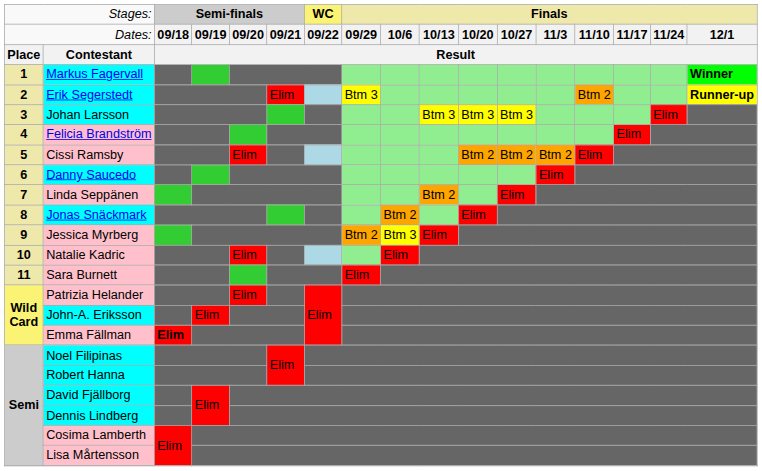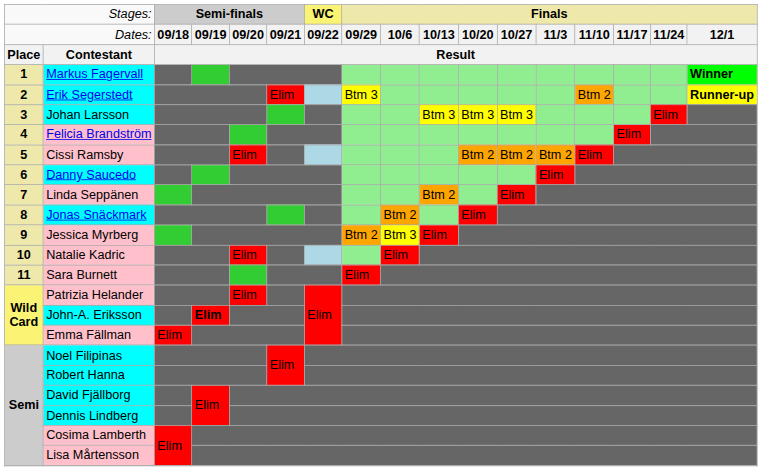 <table class="wikitable" align="center">
 <tr>
 <td colspan="2" align="right"><em>Stages:</em></td>
 <td colspan="4" bgcolor="CCCCCC" align="Center"><strong>Semi-finals</strong></td>
 <td colspan="1" bgcolor="#FBF373" align="center"><strong>WC</strong></td>
 <td colspan="10" bgcolor="palegoldenrod" align="Center"><strong>Finals</strong></td>
 </tr>
 <tr>
 <td colspan="2" align="right"><em>Dates:</em></td>
 <th>09/18</th>
 <th>09/19</th>
 <th>09/20</th>
 <th>09/21</th>
 <th>09/22</th>
 <th>09/29</th>
 <th>10/6</th>
 <th>10/13</th>
 <th>10/20</th>
 <th>10/27</th>
 <th>11/3</th>
 <th>11/10</th>
 <th>11/17</th>
 <th>11/24</th>
 <th>12/1</th>
 </tr>
 <tr>
 <th>Place</th>
 <th>Contestant</th>
 <th colspan="15" align="center">Result</th>
 </tr>
 <tr>
 <td align="center" bgcolor="palegoldenrod"><strong>1</strong></td>
 <td bgcolor="cyan"><a href='#'>Markus Fagervall</a></td>
 <td bgcolor="666666"></td>
 <td style="background: limegreen"></td>
 <td colspan="3" bgcolor="666666"></td>
 <td style="background: lightgreen"></td>
 <td style="background: lightgreen"></td>
 <td style="background: lightgreen"></td>
 <td style="background: lightgreen"></td>
 <td style="background: lightgreen"></td>
 <td style="background: lightgreen"></td>
 <td style="background: lightgreen"></td>
 <td style="background: lightgreen"></td>
 <td style="background: lightgreen"></td>
 <td style="background: Lime"><strong>Winner</strong></td>
 </tr>
 <tr>
 <td align="center" bgcolor="palegoldenrod"><strong>2</strong></td>
 <td bgcolor="cyan"><a href='#'>Erik Segerstedt</a></td>
 <td colspan="3" bgcolor="666666"></td>
 <td style="background: red"><span>Elim</span></td>
 <td style="background: lightblue"></td>
 <td style="background: yellow">Btm 3</td>
 <td style="background: lightgreen"></td>
 <td style="background: lightgreen"></td>
 <td style="background: lightgreen"></td>
 <td style="background: lightgreen"></td>
 <td style="background: lightgreen"></td>
 <td style="background: orange">Btm 2</td>
 <td style="background: lightgreen"></td>
 <td style="background: lightgreen"></td>
 <td style="background: yellow"><strong>Runner-up</strong></td>
 </tr>
 <tr>
 <td align="center" bgcolor="palegoldenrod"><strong>3</strong></td>
 <td bgcolor="Cyan">Johan Larsson</td>
 <td colspan="3" bgcolor="666666"></td>
 <td style="background: limegreen"></td>
 <td bgcolor="666666"></td>
 <td style="background: lightgreen"></td>
 <td style="background: lightgreen"></td>
 <td style="background: yellow">Btm 3</td>
 <td style="background: yellow">Btm 3</td>
 <td style="background: yellow">Btm 3</td>
 <td style="background: lightgreen"></td>
 <td style="background: lightgreen"></td>
 <td style="background: lightgreen"></td>
 <td style="background: red"><span>Elim</span></td>
 <td bgcolor="666666"></td>
 </tr>
 <tr>
 <td align="center" bgcolor="palegoldenrod"><strong>4</strong></td>
 <td bgcolor="pink"><a href='#'>Felicia Brandström</a></td>
 <td colspan="2" bgcolor="666666"></td>
 <td style="background: limegreen"></td>
 <td colspan="2" bgcolor="666666"></td>
 <td style="background: lightgreen"></td>
 <td style="background: lightgreen"></td>
 <td style="background: lightgreen"></td>
 <td style="background: lightgreen"></td>
 <td style="background: lightgreen"></td>
 <td style="background: lightgreen"></td>
 <td style="background: lightgreen"></td>
 <td style="background: red"><span>Elim</span></td>
 <td colspan="2" bgcolor="666666"></td>
 </tr>
 <tr>
 <td align="center" bgcolor="palegoldenrod"><strong>5</strong></td>
 <td bgcolor="pink">Cissi Ramsby</td>
 <td colspan="2" bgcolor="666666"></td>
 <td style="background: red"><span>Elim</span></td>
 <td bgcolor="666666"></td>
 <td style="background: lightblue"></td>
 <td style="background: lightgreen"></td>
 <td style="background: lightgreen"></td>
 <td style="background: lightgreen"></td>
 <td style="background: orange">Btm 2</td>
 <td style="background: orange">Btm 2</td>
 <td style="background: orange">Btm 2</td>
 <td style="background: red"><span>Elim</span></td>
 <td colspan="8" bgcolor="666666"></td>
 </tr>
 <tr>
 <td align="center" bgcolor="palegoldenrod"><strong>6</strong></td>
 <td bgcolor="cyan"><a href='#'>Danny Saucedo</a></td>
 <td bgcolor="666666"></td>
 <td style="background: limegreen"></td>
 <td colspan="3" bgcolor="666666"></td>
 <td style="background: lightgreen"></td>
 <td style="background: lightgreen"></td>
 <td style="background: lightgreen"></td>
 <td style="background: lightgreen"></td>
 <td style="background: lightgreen"></td>
 <td style="background: red"><span>Elim</span></td>
 <td colspan="9" bgcolor="666666"></td>
 </tr>
 <tr>
 <td align="center" bgcolor="palegoldenrod"><strong>7</strong></td>
 <td bgcolor="pink">Linda Seppänen</td>
 <td style="background: limegreen"></td>
 <td colspan="4" bgcolor="666666"></td>
 <td style="background: lightgreen"></td>
 <td style="background: lightgreen"></td>
 <td style="background: orange">Btm 2</td>
 <td style="background: lightgreen"></td>
 <td style="background: red"><span>Elim</span></td>
 <td colspan="10" bgcolor="666666"></td>
 </tr>
 <tr>
 <td align="center" bgcolor="palegoldenrod"><strong>8</strong></td>
 <td bgcolor="Cyan"><a href='#'>Jonas Snäckmark</a></td>
 <td colspan="3" bgcolor="666666"></td>
 <td style="background: limegreen"></td>
 <td bgcolor="666666"></td>
 <td style="background: lightgreen"></td>
 <td style="background: orange">Btm 2</td>
 <td style="background: lightgreen"></td>
 <td style="background: red"><span>Elim</span></td>
 <td colspan="11" bgcolor="666666"></td>
 </tr>
 <tr>
 <td align="center" bgcolor="palegoldenrod"><strong>9</strong></td>
 <td bgcolor="Pink">Jessica Myrberg</td>
 <td style="background: limegreen"></td>
 <td colspan="4" bgcolor="666666"></td>
 <td style="background: orange">Btm 2</td>
 <td style="background: yellow">Btm 3</td>
 <td style="background: red"><span>Elim</span></td>
 <td colspan="13" bgcolor="666666"></td>
 </tr>
 <tr>
 <td align="center" bgcolor="palegoldenrod"><strong>10</strong></td>
 <td bgcolor="pink">Natalie Kadric</td>
 <td colspan="2" bgcolor="666666"></td>
 <td style="background: red"><span>Elim</span></td>
 <td bgcolor="666666"></td>
 <td style="background: lightblue"></td>
 <td style="background: lightgreen"></td>
 <td style="background: red"><span>Elim</span></td>
 <td colspan="13" bgcolor="666666"></td>
 </tr>
 <tr>
 <td align="center" bgcolor="palegoldenrod"><strong>11</strong></td>
 <td bgcolor="Pink">Sara Burnett</td>
 <td colspan="2" bgcolor="666666"></td>
 <td style="background: limegreen"></td>
 <td colspan="2" bgcolor="666666"></td>
 <td style="background: red"><span>Elim</span></td>
 <td colspan="14" bgcolor="666666"></td>
 </tr>
 <tr>
 <td bgcolor="#FBF373" align="center" rowspan="3"><strong>Wild<br>Card</strong></td>
 <td bgcolor="Pink">Patrizia Helander</td>
 <td colspan="2" bgcolor="666666"></td>
 <td style="background: red"><span>Elim</span></td>
 <td bgcolor="666666"></td>
 <td style="background: red"  rowspan="3"><span>Elim</span></td>
 <td colspan="14" bgcolor="666666"></td>
 </tr>
 <tr>
 <td bgcolor="cyan">John-A. Eriksson</td>
 <td bgcolor="666666"></td>
-<td style="background: red"><span>Elim</span></td>
+<td style="background: red"><strong><span>Elim</span></strong></td>
 <td bgcolor="666666" colspan="2"></td>
 <td colspan="14" bgcolor="666666"></td>
 </tr>
 <tr>
 <td bgcolor="Pink">Emma Fällman</td>
-<td style="background: red"><strong><span>Elim</span></strong></td>
+<td style="background: red"><span>Elim</span></td>
 <td bgcolor="666666" colspan="3"></td>
 <td colspan="14" bgcolor="666666"></td>
 </tr>
 <tr>
 <td bgcolor="CCCCCC" align="center" rowspan="6"><strong>Semi</strong></td>
 <td bgcolor="cyan">Noel Filipinas</td>
 <td bgcolor="666666" colspan="3"></td>
 <td style="background: red" rowspan="2"><span>Elim</span></td>
 <td colspan="14" bgcolor="666666"></td>
 </tr>
 <tr>
 <td bgcolor="cyan">Robert Hanna</td>
 <td bgcolor="666666" colspan="3"></td>
 <td colspan="14" bgcolor="666666"></td>
 </tr>
 <tr>
 <td bgcolor="cyan">David Fjällborg</td>
 <td bgcolor="666666"></td>
 <td style="background: red" rowspan="2"><span>Elim</span></td>
 <td colspan="14" bgcolor="666666"></td>
 </tr>
 <tr>
 <td bgcolor="cyan">Dennis Lindberg</td>
 <td bgcolor="666666"></td>
 <td colspan="14" bgcolor="666666"></td>
 </tr>
 <tr>
 <td bgcolor="Pink">Cosima Lamberth</td>
 <td style="background: red" rowspan="2"><span>Elim</span></td>
 <td colspan="14" bgcolor="666666"></td>
 </tr>
 <tr>
 <td bgcolor="Pink">Lisa Mårtensson</td>
 <td colspan="14" bgcolor="666666"></td>
 </tr>
 <tr>
 </tr>
 </table>
